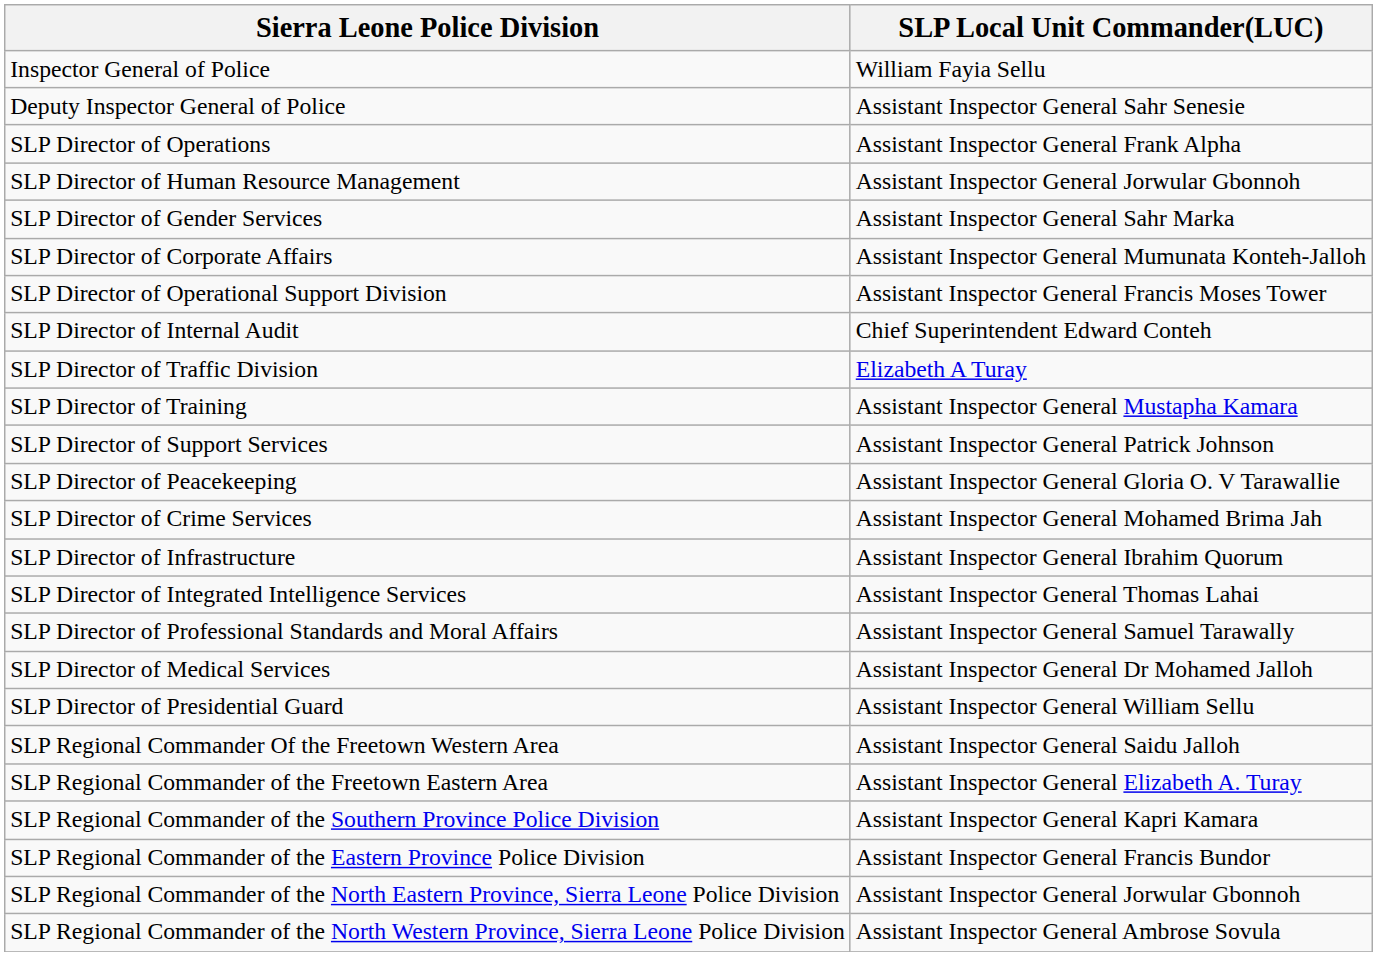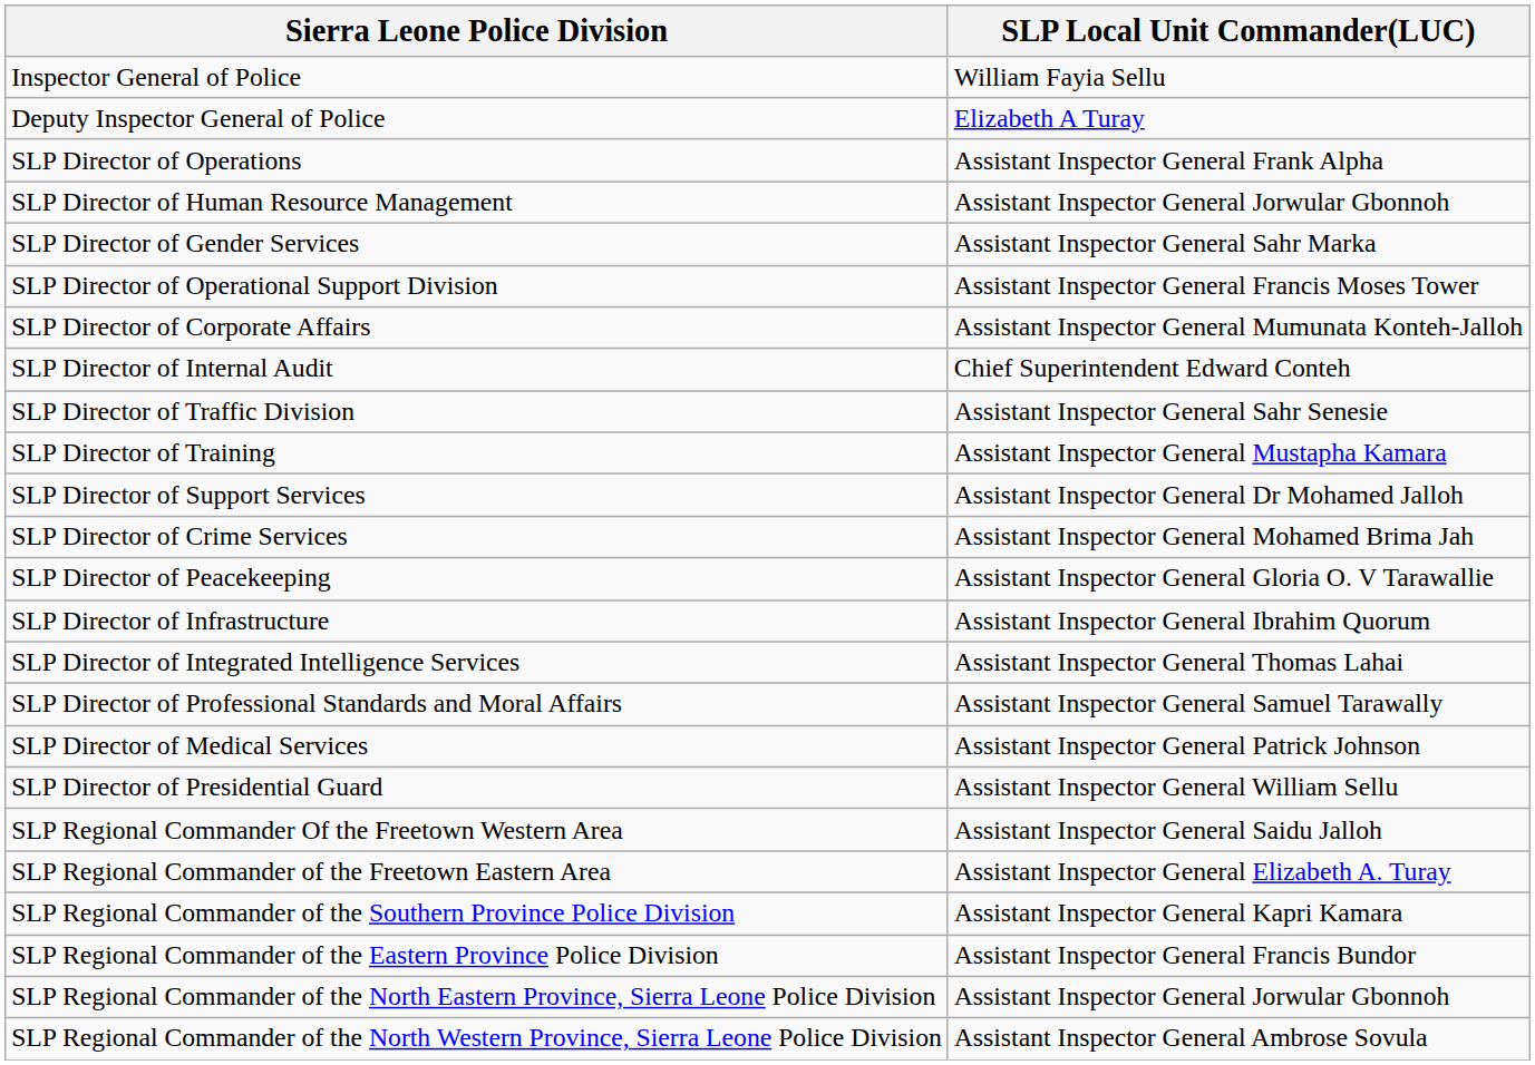 <table class="wikitable" style="wrap: left;">
 <tr>
 <th style="font-size: larger;">Sierra Leone Police Division</th>
 <th style="font-size: larger;">SLP Local Unit Commander(LUC)</th>
 </tr>
 <tr>
 <td>Inspector General of Police</td>
 <td>William Fayia Sellu</td>
 </tr>
 <tr>
 <td>Deputy Inspector General of Police</td>
-<td>Assistant Inspector General Sahr Senesie</td>
+<td><a href='#'>Elizabeth A Turay</a></td>
 </tr>
 <tr>
 <td>SLP Director of Operations</td>
 <td>Assistant Inspector General Frank Alpha</td>
 </tr>
 <tr>
 <td>SLP Director of Human Resource Management</td>
 <td>Assistant Inspector General Jorwular Gbonnoh</td>
 </tr>
 <tr>
 <td>SLP Director of Gender Services</td>
 <td>Assistant Inspector General Sahr Marka</td>
 </tr>
 <tr>
+<td>SLP Director of Operational Support Division</td>
+<td>Assistant Inspector General Francis Moses Tower</td>
+</tr>
+<tr>
 <td>SLP Director of Corporate Affairs</td>
 <td>Assistant Inspector General Mumunata Konteh-Jalloh</td>
-</tr>
-<tr>
-<td>SLP Director of Operational Support Division</td>
-<td>Assistant Inspector General Francis Moses Tower</td>
 </tr>
 <tr>
 <td>SLP Director of Internal Audit</td>
 <td>Chief Superintendent Edward Conteh</td>
 </tr>
 <tr>
 <td>SLP Director of Traffic Division</td>
-<td><a href='#'>Elizabeth A Turay</a></td>
+<td>Assistant Inspector General Sahr Senesie</td>
 </tr>
 <tr>
 <td>SLP Director of Training</td>
 <td>Assistant Inspector General <a href='#'>Mustapha Kamara</a></td>
 </tr>
 <tr>
 <td>SLP Director of Support Services</td>
-<td>Assistant Inspector General Patrick Johnson</td>
+<td>Assistant Inspector General Dr Mohamed Jalloh</td>
+</tr>
+<tr>
+<td>SLP Director of Crime Services</td>
+<td>Assistant Inspector General Mohamed Brima Jah</td>
 </tr>
 <tr>
 <td>SLP Director of Peacekeeping</td>
 <td>Assistant Inspector General Gloria O. V Tarawallie</td>
-</tr>
-<tr>
-<td>SLP Director of Crime Services</td>
-<td>Assistant Inspector General Mohamed Brima Jah</td>
 </tr>
 <tr>
 <td>SLP Director of Infrastructure</td>
 <td>Assistant Inspector General Ibrahim Quorum</td>
 </tr>
 <tr>
 <td>SLP Director of Integrated Intelligence Services</td>
 <td>Assistant Inspector General Thomas Lahai</td>
 </tr>
 <tr>
 <td>SLP Director of Professional Standards and Moral Affairs</td>
 <td>Assistant Inspector General Samuel Tarawally</td>
 </tr>
 <tr>
 <td>SLP Director of Medical Services</td>
-<td>Assistant Inspector General Dr Mohamed Jalloh</td>
+<td>Assistant Inspector General Patrick Johnson</td>
 </tr>
 <tr>
 <td>SLP Director of Presidential Guard</td>
 <td>Assistant Inspector General William Sellu</td>
 </tr>
 <tr>
 <td>SLP Regional Commander Of the Freetown Western Area</td>
 <td>Assistant Inspector General Saidu Jalloh</td>
 </tr>
 <tr>
 <td>SLP Regional Commander of the Freetown Eastern Area</td>
 <td>Assistant Inspector General <a href='#'>Elizabeth A. Turay</a></td>
 </tr>
 <tr>
 <td>SLP Regional Commander of the <a href='#'>Southern Province Police Division</a></td>
 <td>Assistant Inspector General Kapri Kamara</td>
 </tr>
 <tr>
 <td>SLP Regional Commander of the <a href='#'>Eastern Province</a> Police Division</td>
 <td>Assistant Inspector General Francis Bundor</td>
 </tr>
 <tr>
 <td>SLP Regional Commander of the <a href='#'>North Eastern Province, Sierra Leone</a> Police Division</td>
 <td>Assistant Inspector General Jorwular Gbonnoh</td>
 </tr>
 <tr>
 <td>SLP Regional Commander of the <a href='#'>North Western Province, Sierra Leone</a> Police Division</td>
 <td>Assistant Inspector General Ambrose Sovula</td>
 </tr>
 </table>
